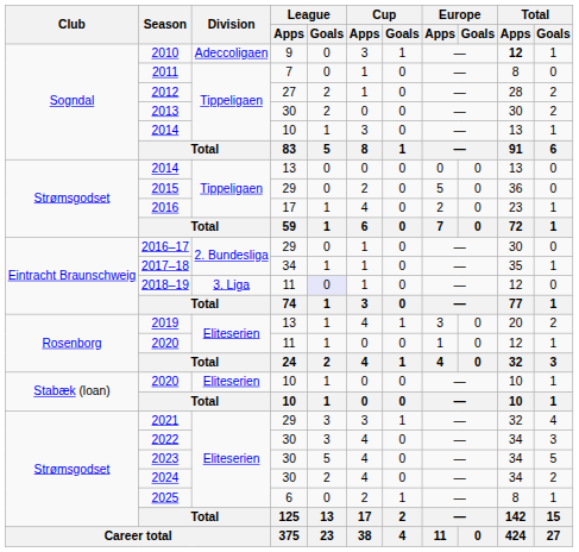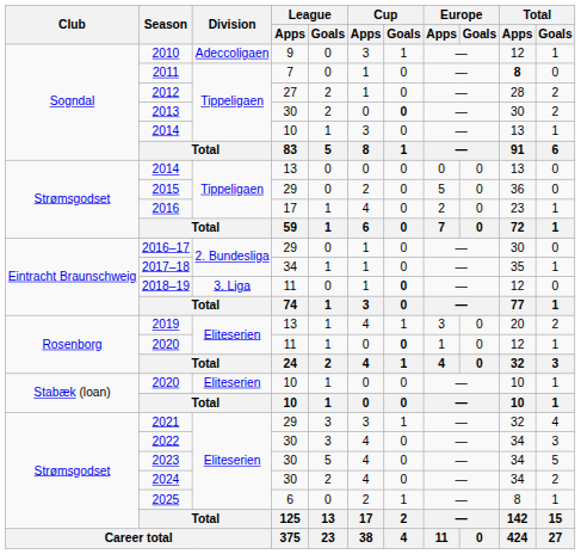 <table class="wikitable" style="text-align: center;">
 <tr>
 <th rowspan="2">Club</th>
 <th rowspan="2">Season</th>
 <th rowspan="2">Division</th>
 <th colspan="2">League</th>
 <th colspan="2">Cup</th>
 <th colspan="2">Europe</th>
 <th colspan="2">Total</th>
 </tr>
 <tr>
 <th>Apps</th>
 <th>Goals</th>
 <th>Apps</th>
 <th>Goals</th>
 <th>Apps</th>
 <th>Goals</th>
 <th>Apps</th>
 <th>Goals</th>
 </tr>
 <tr>
 <td rowspan="6"><a href='#'>Sogndal</a></td>
 <td><a href='#'>2010</a></td>
 <td rowspan="1"><a href='#'>Adeccoligaen</a></td>
 <td>9</td>
 <td>0</td>
 <td>3</td>
 <td>1</td>
 <td colspan="2">—</td>
-<td><strong>12</strong></td>
+<td>12</td>
 <td>1</td>
 </tr>
 <tr>
 <td><a href='#'>2011</a></td>
 <td rowspan="4"><a href='#'>Tippeligaen</a></td>
 <td>7</td>
 <td>0</td>
 <td>1</td>
 <td>0</td>
 <td colspan="2">—</td>
-<td>8</td>
+<td><strong>8</strong></td>
 <td>0</td>
 </tr>
 <tr>
 <td><a href='#'>2012</a></td>
 <td>27</td>
 <td>2</td>
 <td>1</td>
 <td>0</td>
 <td colspan="2">—</td>
 <td>28</td>
 <td>2</td>
 </tr>
 <tr>
 <td><a href='#'>2013</a></td>
 <td>30</td>
 <td>2</td>
 <td>0</td>
-<td>0</td>
+<td><strong>0</strong></td>
 <td colspan="2">—</td>
 <td>30</td>
 <td>2</td>
 </tr>
 <tr>
 <td><a href='#'>2014</a></td>
 <td>10</td>
 <td>1</td>
 <td>3</td>
 <td>0</td>
 <td colspan="2">—</td>
 <td>13</td>
 <td>1</td>
 </tr>
 <tr>
 <th colspan="2">Total</th>
 <th>83</th>
 <th>5</th>
 <th>8</th>
 <th>1</th>
 <th colspan="2">—</th>
 <th>91</th>
 <th>6</th>
 </tr>
 <tr>
 <td rowspan="4"><a href='#'>Strømsgodset</a></td>
 <td><a href='#'>2014</a></td>
 <td rowspan="3"><a href='#'>Tippeligaen</a></td>
 <td>13</td>
 <td>0</td>
 <td>0</td>
 <td>0</td>
 <td>0</td>
 <td>0</td>
 <td>13</td>
 <td>0</td>
 </tr>
 <tr>
 <td><a href='#'>2015</a></td>
 <td>29</td>
 <td>0</td>
 <td>2</td>
 <td>0</td>
 <td>5</td>
 <td>0</td>
 <td>36</td>
 <td>0</td>
 </tr>
 <tr>
 <td><a href='#'>2016</a></td>
 <td>17</td>
 <td>1</td>
 <td>4</td>
 <td>0</td>
 <td>2</td>
 <td>0</td>
 <td>23</td>
 <td>1</td>
 </tr>
 <tr>
 <th colspan="2">Total</th>
 <th>59</th>
 <th>1</th>
 <th>6</th>
 <th>0</th>
 <th>7</th>
 <th>0</th>
 <th>72</th>
 <th>1</th>
 </tr>
 <tr>
 <td rowspan="4"><a href='#'>Eintracht Braunschweig</a></td>
 <td><a href='#'>2016–17</a></td>
 <td rowspan="2"><a href='#'>2. Bundesliga</a></td>
 <td>29</td>
 <td>0</td>
 <td>1</td>
 <td>0</td>
 <td colspan="2">—</td>
 <td>30</td>
 <td>0</td>
 </tr>
 <tr>
 <td><a href='#'>2017–18</a></td>
 <td>34</td>
 <td>1</td>
 <td>1</td>
 <td>0</td>
 <td colspan="2">—</td>
 <td>35</td>
 <td>1</td>
 </tr>
 <tr>
 <td><a href='#'>2018–19</a></td>
 <td rowspan="1"><a href='#'>3. Liga</a></td>
 <td>11</td>
-<td style="background: lavender;">0</td>
+<td>0</td>
 <td>1</td>
-<td>0</td>
+<td><strong>0</strong></td>
 <td colspan="2">—</td>
 <td>12</td>
 <td>0</td>
 </tr>
 <tr>
 <th colspan="2">Total</th>
 <th>74</th>
 <th>1</th>
 <th>3</th>
 <th>0</th>
 <th colspan="2">—</th>
 <th>77</th>
 <th>1</th>
 </tr>
 <tr>
 <td rowspan="3"><a href='#'>Rosenborg</a></td>
 <td><a href='#'>2019</a></td>
 <td rowspan="2"><a href='#'>Eliteserien</a></td>
 <td>13</td>
 <td>1</td>
 <td>4</td>
 <td>1</td>
 <td>3</td>
 <td>0</td>
 <td>20</td>
 <td>2</td>
 </tr>
 <tr>
 <td><a href='#'>2020</a></td>
 <td>11</td>
 <td>1</td>
 <td>0</td>
-<td>0</td>
+<td><strong>0</strong></td>
 <td>1</td>
 <td>0</td>
 <td>12</td>
 <td>1</td>
 </tr>
 <tr>
 <th colspan="2">Total</th>
 <th>24</th>
 <th>2</th>
 <th>4</th>
 <th>1</th>
 <th>4</th>
 <th>0</th>
 <th>32</th>
 <th>3</th>
 </tr>
 <tr>
 <td rowspan="2"><a href='#'>Stabæk</a> (loan)</td>
 <td><a href='#'>2020</a></td>
 <td rowspan="1"><a href='#'>Eliteserien</a></td>
 <td>10</td>
 <td>1</td>
 <td>0</td>
 <td>0</td>
 <td colspan="2">—</td>
 <td>10</td>
 <td>1</td>
 </tr>
 <tr>
 <th colspan="2">Total</th>
 <th>10</th>
 <th>1</th>
 <th>0</th>
 <th>0</th>
 <th colspan="2">—</th>
 <th>10</th>
 <th>1</th>
 </tr>
 <tr>
 <td rowspan="6"><a href='#'>Strømsgodset</a></td>
 <td><a href='#'>2021</a></td>
 <td rowspan="5"><a href='#'>Eliteserien</a></td>
 <td>29</td>
 <td>3</td>
 <td>3</td>
 <td>1</td>
 <td colspan="2">—</td>
 <td>32</td>
 <td>4</td>
 </tr>
 <tr>
 <td><a href='#'>2022</a></td>
 <td>30</td>
 <td>3</td>
 <td>4</td>
 <td>0</td>
 <td colspan="2">—</td>
 <td>34</td>
 <td>3</td>
 </tr>
 <tr>
 <td><a href='#'>2023</a></td>
 <td>30</td>
 <td>5</td>
 <td>4</td>
 <td>0</td>
 <td colspan="2">—</td>
 <td>34</td>
 <td>5</td>
 </tr>
 <tr>
 <td><a href='#'>2024</a></td>
 <td>30</td>
 <td>2</td>
 <td>4</td>
 <td>0</td>
 <td colspan="2">—</td>
 <td>34</td>
 <td>2</td>
 </tr>
 <tr>
 <td><a href='#'>2025</a></td>
 <td>6</td>
 <td>0</td>
 <td>2</td>
 <td>1</td>
 <td colspan="2">—</td>
 <td>8</td>
 <td>1</td>
 </tr>
 <tr>
 <th colspan="2">Total</th>
 <th>125</th>
 <th>13</th>
 <th>17</th>
 <th>2</th>
 <th colspan="2">—</th>
 <th>142</th>
 <th>15</th>
 </tr>
 <tr>
 <th colspan="3">Career total</th>
 <th>375</th>
 <th>23</th>
 <th>38</th>
 <th>4</th>
 <th>11</th>
 <th>0</th>
 <th>424</th>
 <th>27</th>
 </tr>
 </table>
